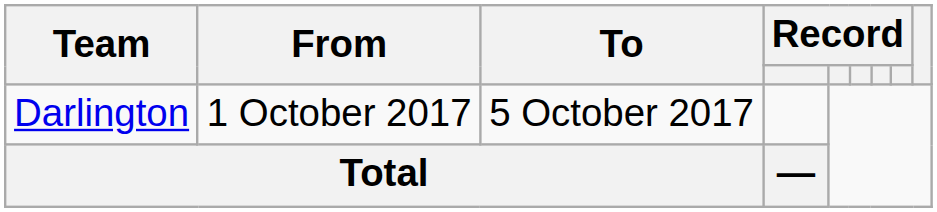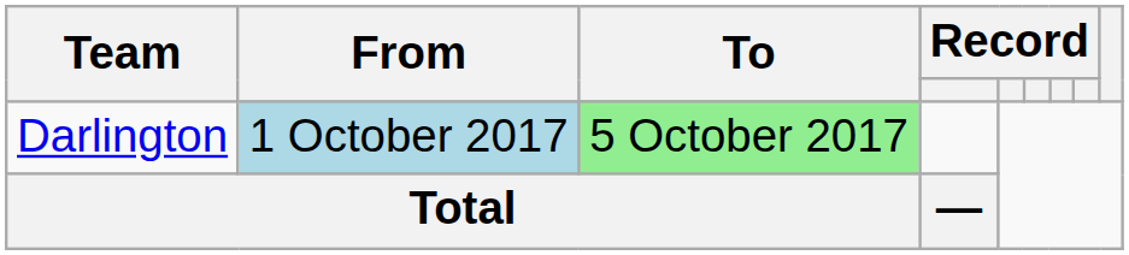 <table class=wikitable style="text-align: center">
 <tr>
 <th rowspan=2>Team</th>
 <th rowspan=2>From</th>
 <th rowspan=2>To</th>
 <th colspan=5>Record</th>
 <th rowspan=2></th>
 </tr>
 <tr>
 <th></th>
 <th></th>
 <th></th>
 <th></th>
 <th></th>
 </tr>
 <tr>
 <td align=left><a href='#'>Darlington</a></td>
-<td align=left>1 October 2017</td>
-<td align=left>5 October 2017<br></td>
+<td align=left style="background: lightblue;">1 October 2017</td>
+<td align=left style="background: lightgreen;">5 October 2017<br></td>
 <td></td>
 </tr>
 <tr>
 <th colspan=3>Total<br></th>
 <th>—</th>
 </tr>
 </table>
